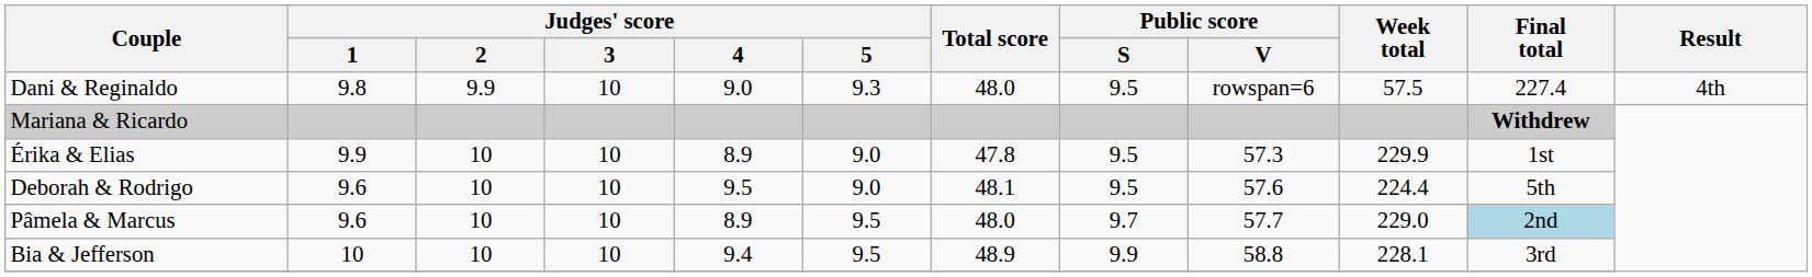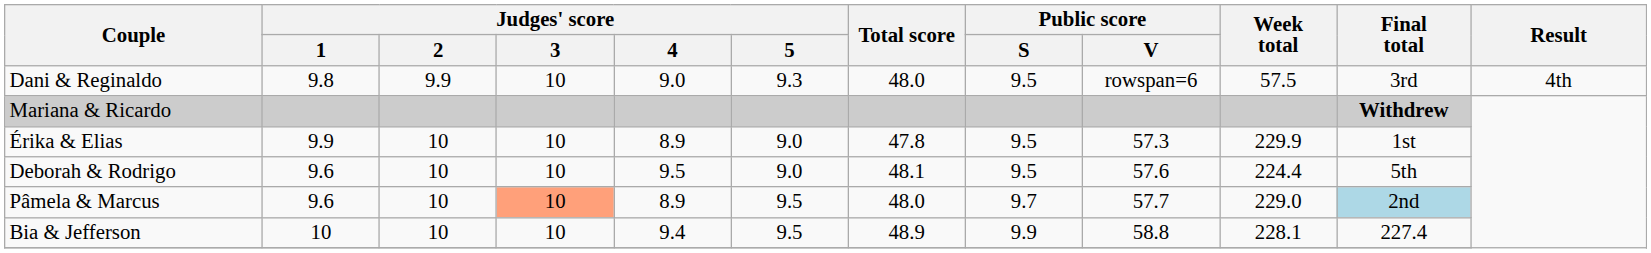 <table class="wikitable" style="font-size:100%; line-height:16px; text-align:center" width="100%">
 <tr>
 <th rowspan=2 width="11.0%">Couple</th>
 <th colspan=5 width="25.0%">Judges' score</th>
 <th rowspan=2 width="05.0%">Total score</th>
 <th colspan=2 width="10.0%">Public score</th>
 <th rowspan=2 width="05.0%">Week<br>total</th>
 <th rowspan=2 width="05.0%">Final<br>total</th>
 <th rowspan=2 width="07.5%">Result</th>
 </tr>
 <tr>
 <th width="05.0%">1</th>
 <th width="05.0%">2</th>
 <th width="05.0%">3</th>
 <th width="05.0%">4</th>
 <th width="05.0%">5</th>
 <th width="05.0%">S</th>
 <th width="05.0%">V</th>
 </tr>
 <tr>
 <td align="left">Dani & Reginaldo</td>
 <td>9.8</td>
 <td>9.9</td>
 <td>10</td>
 <td>9.0</td>
 <td>9.3</td>
 <td>48.0</td>
 <td>9.5</td>
 <td>rowspan=6 </td>
 <td>57.5</td>
-<td>227.4</td>
+<td>3rd</td>
 <td>4th</td>
 </tr>
 <tr bgcolor=CCCCCC>
 <td align="left">Mariana & Ricardo</td>
 <td></td>
 <td></td>
 <td></td>
 <td></td>
 <td></td>
 <td></td>
 <td></td>
 <td></td>
 <td></td>
 <td><strong>Withdrew</strong></td>
 </tr>
 <tr>
 <td align="left">Érika & Elias</td>
 <td>9.9</td>
 <td>10</td>
 <td>10</td>
 <td>8.9</td>
 <td>9.0</td>
 <td>47.8</td>
 <td>9.5</td>
 <td>57.3</td>
 <td>229.9</td>
 <td>1st</td>
 </tr>
 <tr>
 <td align="left">Deborah & Rodrigo</td>
 <td>9.6</td>
 <td>10</td>
 <td>10</td>
 <td>9.5</td>
 <td>9.0</td>
 <td>48.1</td>
 <td>9.5</td>
 <td>57.6</td>
 <td>224.4</td>
 <td>5th</td>
 </tr>
 <tr>
 <td align="left">Pâmela & Marcus</td>
 <td>9.6</td>
 <td>10</td>
-<td>10</td>
+<td style="background: lightsalmon;">10</td>
 <td>8.9</td>
 <td>9.5</td>
 <td>48.0</td>
 <td>9.7</td>
 <td>57.7</td>
 <td>229.0</td>
 <td style="background: lightblue;">2nd</td>
 </tr>
 <tr>
 <td align="left">Bia & Jefferson</td>
 <td>10</td>
 <td>10</td>
 <td>10</td>
 <td>9.4</td>
 <td>9.5</td>
 <td>48.9</td>
 <td>9.9</td>
 <td>58.8</td>
 <td>228.1</td>
-<td>3rd</td>
+<td>227.4</td>
 </tr>
 <tr>
 </tr>
 </table>
